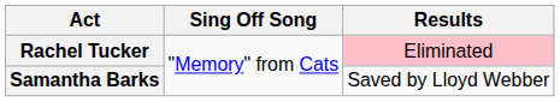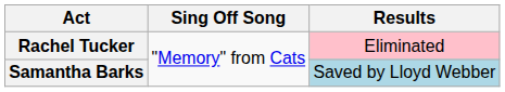 <table class="wikitable plainrowheaders" style="text-align:center;">
 <tr>
 <th scope="col">Act</th>
 <th scope="col">Sing Off Song</th>
 <th scope="col">Results</th>
 </tr>
 <tr>
 <th scope="row">Rachel Tucker</th>
 <td rowspan="2">"<a href='#'>Memory</a>" from <a href='#'>Cats</a></td>
 <td style="background:pink;">Eliminated</td>
 </tr>
 <tr>
 <th scope="row">Samantha Barks</th>
-<td>Saved by Lloyd Webber</td>
+<td style="background: lightblue;">Saved by Lloyd Webber</td>
 </tr>
 </table>
